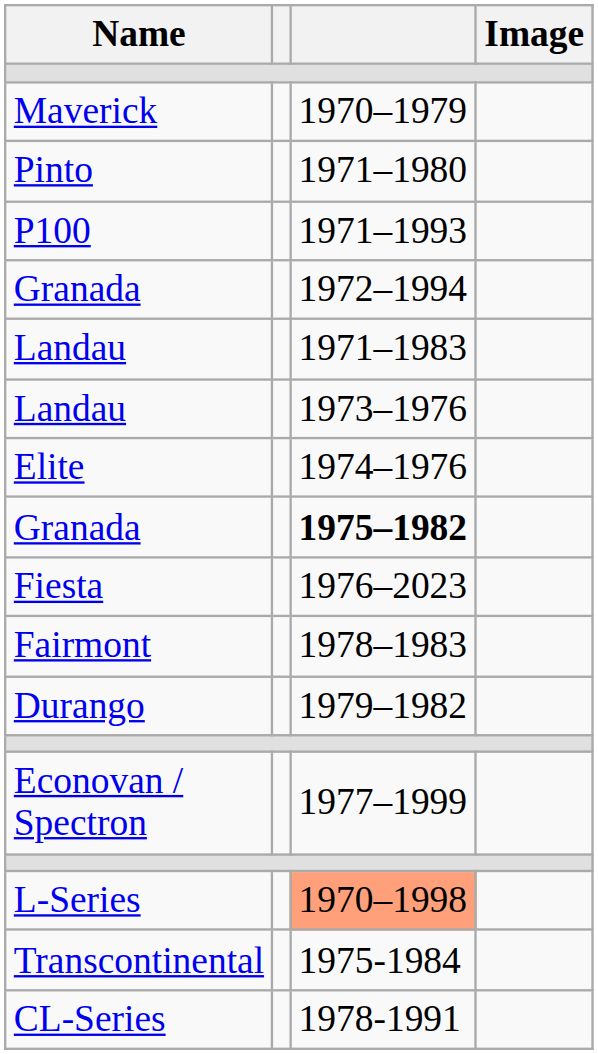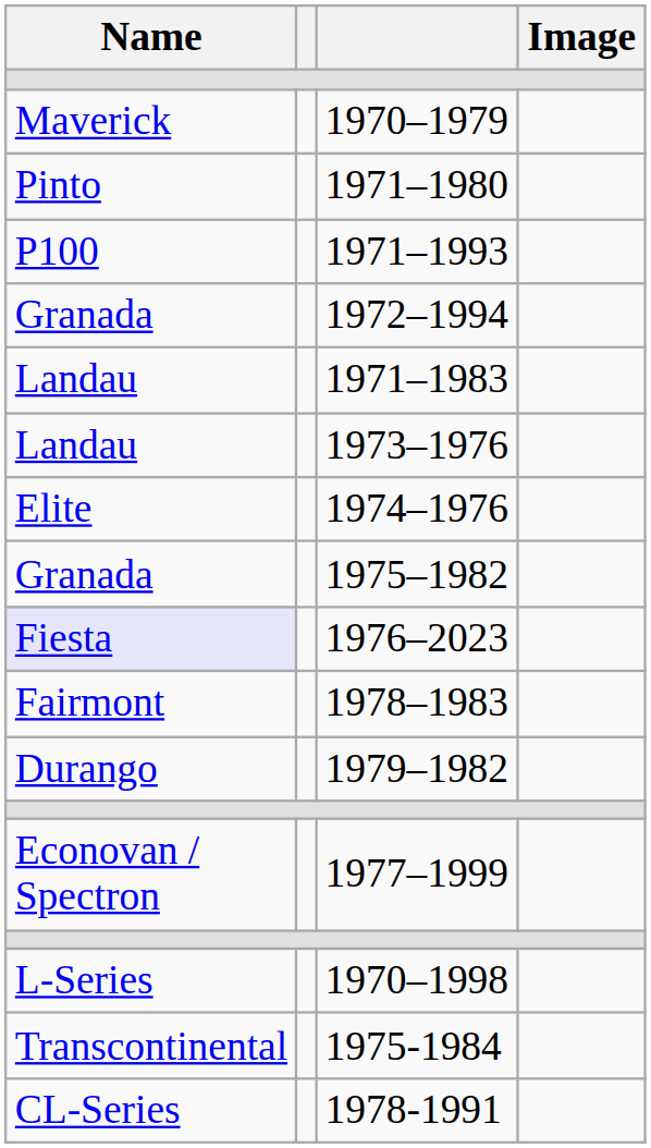 <table class="wikitable sortable">
 <tr>
 <th style="width:px;">Name</th>
 <th style="width:px;"></th>
 <th style="width:px;"></th>
 <th style="width:px;">Image</th>
 </tr>
 <tr>
 <td colspan=6 style=background:#e0e0e0></td>
 </tr>
 <tr>
 <td><a href='#'>Maverick</a></td>
 <td></td>
 <td>1970–1979</td>
 <td></td>
 </tr>
 <tr>
 <td><a href='#'>Pinto</a></td>
 <td></td>
 <td>1971–1980</td>
 <td></td>
 </tr>
 <tr>
 <td><a href='#'>P100</a></td>
 <td></td>
 <td>1971–1993</td>
 <td></td>
 </tr>
 <tr>
 <td><a href='#'>Granada</a></td>
 <td></td>
 <td>1972–1994</td>
 <td></td>
 </tr>
 <tr>
 <td><a href='#'>Landau</a></td>
 <td></td>
 <td>1971–1983</td>
 <td></td>
 </tr>
 <tr>
 <td><a href='#'>Landau</a></td>
 <td></td>
 <td>1973–1976</td>
 <td></td>
 </tr>
 <tr>
 <td><a href='#'>Elite</a></td>
 <td></td>
 <td>1974–1976</td>
 <td></td>
 </tr>
 <tr>
 <td><a href='#'>Granada</a></td>
 <td></td>
-<td><strong>1975–1982</strong></td>
+<td>1975–1982</td>
 <td></td>
 </tr>
 <tr>
-<td><a href='#'>Fiesta</a></td>
+<td style="background: lavender;"><a href='#'>Fiesta</a></td>
 <td></td>
 <td>1976–2023</td>
 <td></td>
 </tr>
 <tr>
 <td><a href='#'>Fairmont</a></td>
 <td></td>
 <td>1978–1983</td>
 <td></td>
 </tr>
 <tr>
 <td><a href='#'>Durango</a></td>
 <td></td>
 <td>1979–1982</td>
 <td></td>
 </tr>
 <tr>
 <td colspan=6 style=background:#e0e0e0></td>
 </tr>
 <tr>
 <td><a href='#'>Econovan /<br>Spectron</a></td>
 <td></td>
 <td>1977–1999</td>
 <td></td>
 </tr>
 <tr>
 <td colspan=6 style=background:#e0e0e0></td>
 </tr>
 <tr>
 <td><a href='#'>L-Series</a></td>
 <td></td>
-<td style="background: lightsalmon;">1970–1998</td>
+<td>1970–1998</td>
 <td></td>
 </tr>
 <tr>
 <td><a href='#'>Transcontinental</a></td>
 <td></td>
 <td>1975-1984</td>
 <td></td>
 </tr>
 <tr>
 <td><a href='#'>CL-Series</a></td>
 <td></td>
 <td>1978-1991</td>
 <td></td>
 </tr>
 </table>
